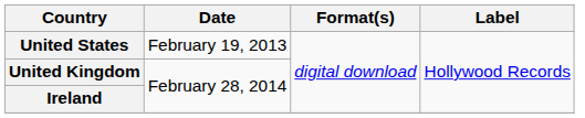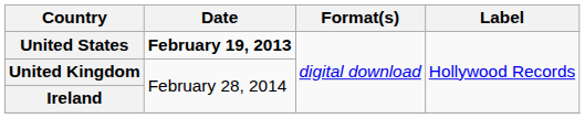 <table class="wikitable plainrowheaders">
 <tr>
 <th scope="col">Country</th>
 <th scope="col">Date</th>
 <th scope="col">Format(s)</th>
 <th scope="col">Label</th>
 </tr>
 <tr>
 <th scope="row">United States</th>
-<td>February 19, 2013</td>
+<td><strong>February 19, 2013</strong></td>
 <td rowspan="3"><em><a href='#'>digital download</a></em></td>
 <td rowspan="3"><a href='#'>Hollywood Records</a></td>
 </tr>
 <tr>
 <th scope="row">United Kingdom</th>
 <td rowspan="2">February 28, 2014</td>
 </tr>
 <tr>
 <th scope="row">Ireland</th>
 </tr>
 <tr>
 </tr>
 </table>
